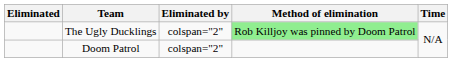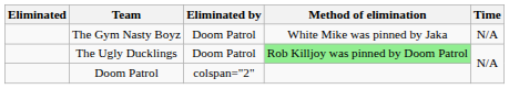 <table class="wikitable sortable" style="text-align:center;">
 <tr>
 <th>Eliminated</th>
 <th>Team</th>
 <th>Eliminated by</th>
 <th>Method of elimination</th>
 <th>Time</th>
 </tr>
 <tr>
 <td></td>
+<td>The Gym Nasty Boyz</td>
+<td>Doom Patrol</td>
+<td>White Mike was pinned by Jaka</td>
+<td>N/A</td>
+</tr>
+<tr>
+<td></td>
 <td>The Ugly Ducklings</td>
-<td>colspan="2" </td>
+<td>Doom Patrol</td>
 <td style="background: lightgreen;">Rob Killjoy was pinned by Doom Patrol</td>
 <td rowspan="2">N/A</td>
 </tr>
 <tr>
 <td></td>
 <td>Doom Patrol</td>
 <td>colspan="2" </td>
 </tr>
 </table>
